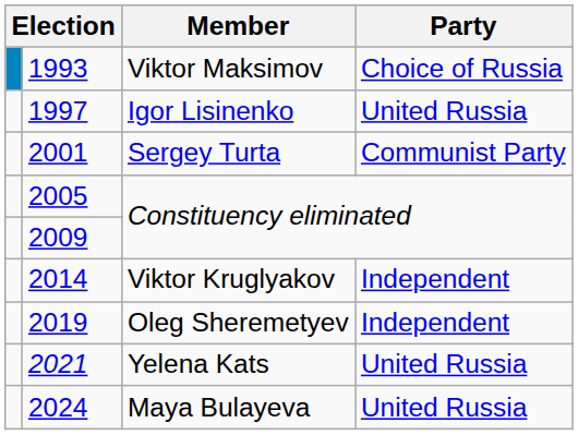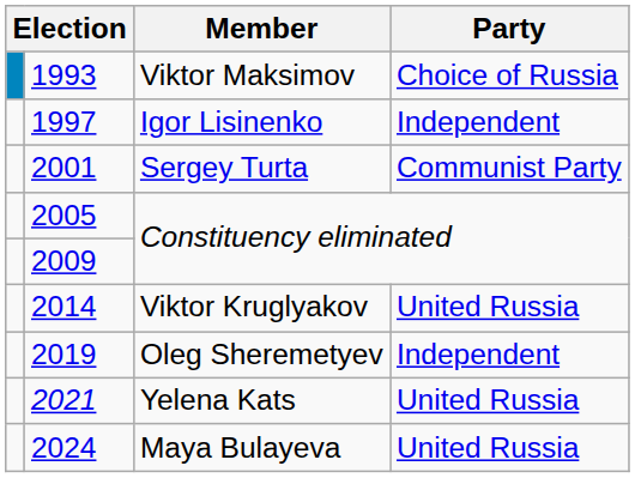 <table class="wikitable">
 <tr>
 <th colspan="2">Election</th>
 <th>Member</th>
 <th>Party</th>
 </tr>
 <tr>
 <td style="background-color:#0085BE"></td>
 <td><a href='#'>1993</a></td>
 <td>Viktor Maksimov</td>
 <td><a href='#'>Choice of Russia</a></td>
 </tr>
 <tr>
 <td style="background-color:"></td>
 <td><a href='#'>1997</a></td>
 <td><a href='#'>Igor Lisinenko</a></td>
-<td><a href='#'>United Russia</a></td>
+<td><a href='#'>Independent</a></td>
 </tr>
 <tr>
 <td style="background-color:"></td>
 <td><a href='#'>2001</a></td>
 <td><a href='#'>Sergey Turta</a></td>
 <td><a href='#'>Communist Party</a></td>
 </tr>
 <tr>
 <td style="background-color:"></td>
 <td><a href='#'>2005</a></td>
 <td colspan=2 rowspan=2><em>Constituency eliminated</em></td>
 </tr>
 <tr>
 <td style="background-color:"></td>
 <td><a href='#'>2009</a></td>
 </tr>
 <tr>
 <td style="background-color:"></td>
 <td><a href='#'>2014</a></td>
 <td>Viktor Kruglyakov</td>
-<td><a href='#'>Independent</a></td>
+<td><a href='#'>United Russia</a></td>
 </tr>
 <tr>
 <td style="background-color:"></td>
 <td><a href='#'>2019</a></td>
 <td>Oleg Sheremetyev</td>
 <td><a href='#'>Independent</a></td>
 </tr>
 <tr>
 <td style="background-color:"></td>
 <td><em><a href='#'>2021</a></em></td>
 <td>Yelena Kats</td>
 <td><a href='#'>United Russia</a></td>
 </tr>
 <tr>
 <td style="background-color:"></td>
 <td><a href='#'>2024</a></td>
 <td>Maya Bulayeva</td>
 <td><a href='#'>United Russia</a></td>
 </tr>
 </table>
